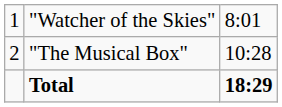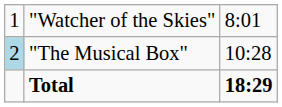 <table class="wikitable">
 <tr>
 <td>1</td>
 <td>"Watcher of the Skies"</td>
 <td>8:01</td>
 </tr>
 <tr>
-<td>2</td>
+<td style="background: lightblue;">2</td>
 <td>"The Musical Box"</td>
 <td>10:28</td>
 </tr>
 <tr>
 <td></td>
 <td><strong>Total</strong></td>
 <td><strong>18:29</strong></td>
 </tr>
 </table>
